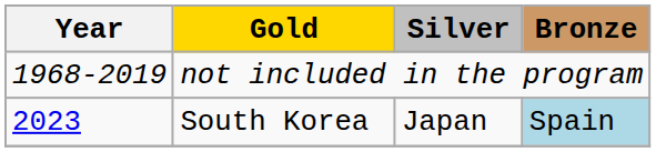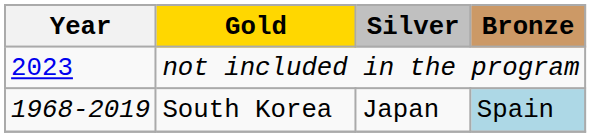 <table class="wikitable">
 <tr>
 <th>Year</th>
 <td align=center bgcolor=gold><strong>Gold</strong></td>
 <td align=center bgcolor=silver><strong>Silver</strong></td>
 <td align=center bgcolor=cc9966><strong>Bronze</strong></td>
 </tr>
 <tr>
-<td><em>1968-2019</em></td>
+<td><a href='#'>2023</a></td>
 <td colspan=3 align=center><em>not included in the program</em></td>
 </tr>
 <tr>
-<td><a href='#'>2023</a></td>
+<td><em>1968-2019</em></td>
 <td> South Korea</td>
 <td> Japan</td>
 <td style="background: lightblue;"> Spain</td>
 </tr>
 <tr>
 </tr>
 </table>
